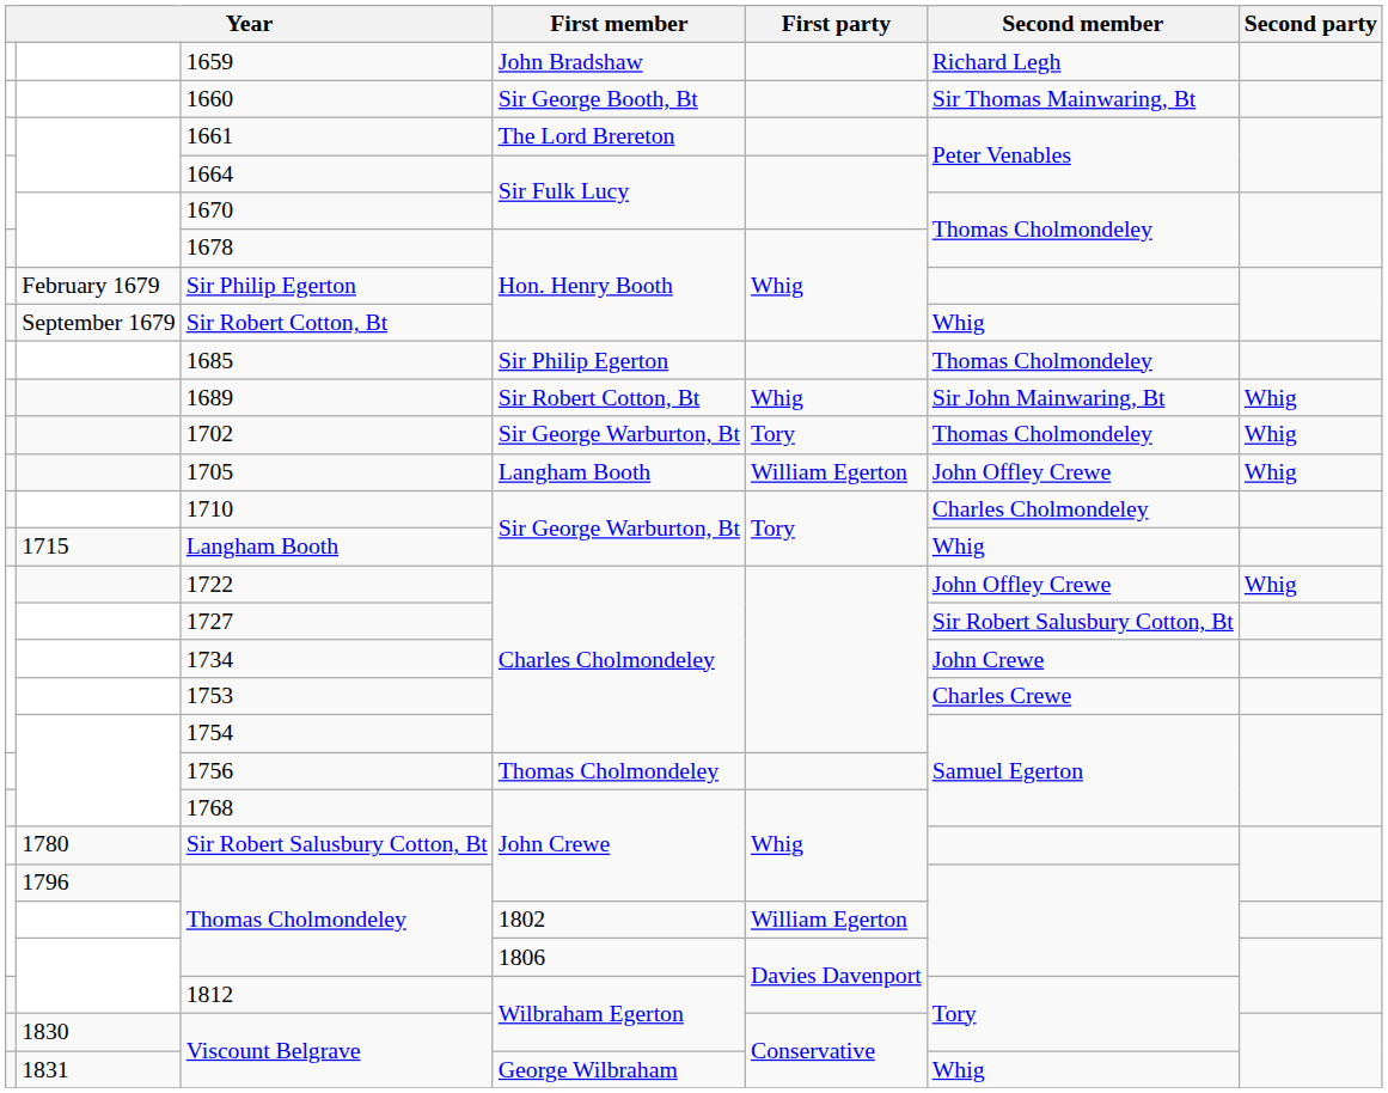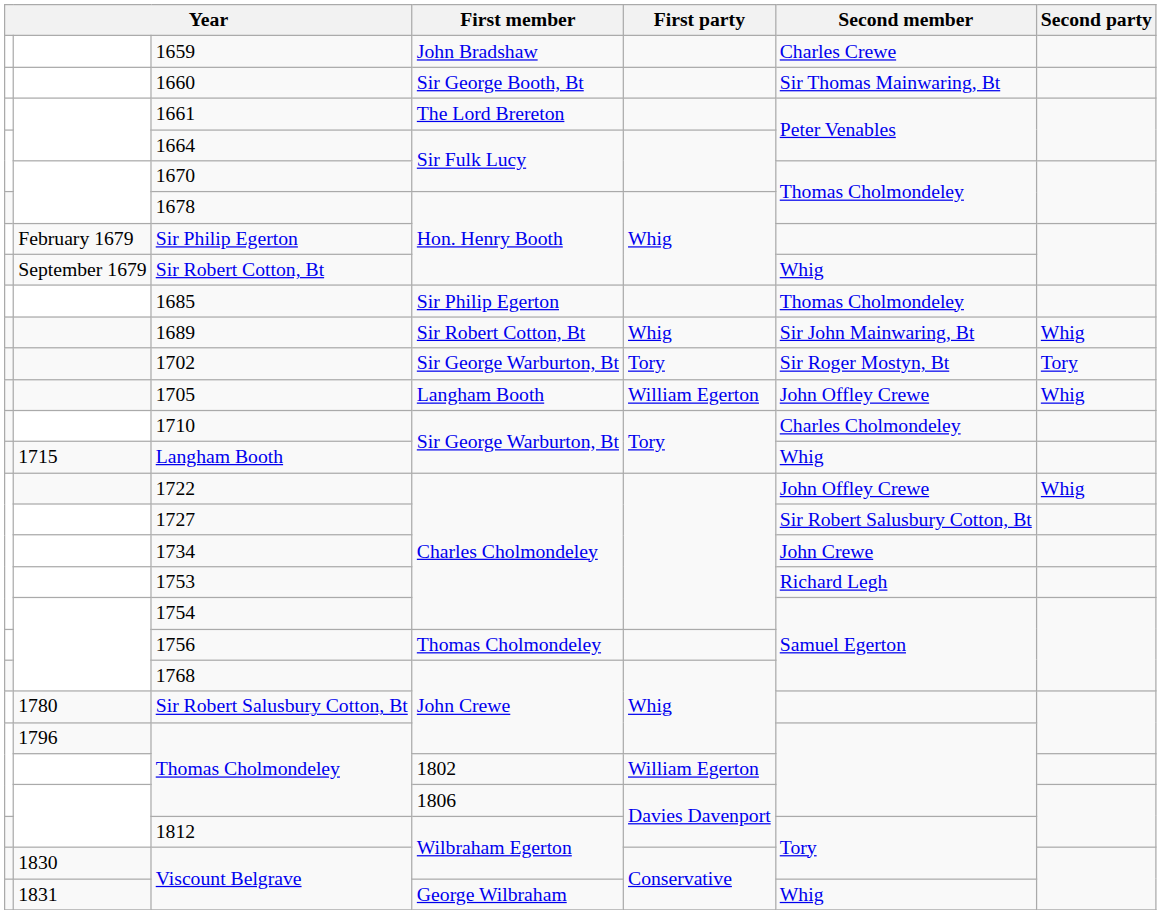 <table class="wikitable">
 <tr>
 <th colspan="3">Year</th>
 <th>First member</th>
 <th>First party</th>
 <th>Second member</th>
 <th>Second party</th>
 </tr>
 <tr>
 <td style="color:inherit;background-color: white"></td>
 <td style="color:inherit;background-color: white"></td>
 <td>1659</td>
 <td><a href='#'>John Bradshaw</a></td>
 <td></td>
-<td><a href='#'>Richard Legh</a></td>
+<td><a href='#'>Charles Crewe</a></td>
 <td></td>
 </tr>
 <tr>
 <td style="color:inherit;background-color: white"></td>
 <td style="color:inherit;background-color: white"></td>
 <td>1660</td>
 <td><a href='#'>Sir George Booth, Bt</a></td>
 <td></td>
 <td><a href='#'>Sir Thomas Mainwaring, Bt</a></td>
 <td></td>
 </tr>
 <tr>
 <td style="color:inherit;background-color: white"></td>
 <td style="color:inherit;background-color: white" rowspan="2"></td>
 <td>1661</td>
 <td><a href='#'>The Lord Brereton</a></td>
 <td></td>
 <td rowspan="2"><a href='#'>Peter Venables</a></td>
 <td rowspan="2"></td>
 </tr>
 <tr>
 <td style="color:inherit;background-color: white" rowspan="2"></td>
 <td>1664</td>
 <td rowspan="2"><a href='#'>Sir Fulk Lucy</a></td>
 <td rowspan="2"></td>
 </tr>
 <tr>
 <td style="color:inherit;background-color: white" rowspan="2"></td>
 <td>1670</td>
 <td rowspan="2"><a href='#'>Thomas Cholmondeley</a></td>
 <td rowspan="2"></td>
 </tr>
 <tr>
 <td style="color:inherit;background-color: "></td>
 <td>1678</td>
 <td rowspan="3"><a href='#'>Hon. Henry Booth</a></td>
 <td rowspan="3"><a href='#'>Whig</a></td>
 </tr>
 <tr>
 <td style="color:inherit;background-color: white"></td>
 <td>February 1679</td>
 <td><a href='#'>Sir Philip Egerton</a></td>
 <td></td>
 </tr>
 <tr>
 <td style="color:inherit;background-color: "></td>
 <td>September 1679</td>
 <td><a href='#'>Sir Robert Cotton, Bt</a></td>
 <td><a href='#'>Whig</a></td>
 </tr>
 <tr>
 <td style="color:inherit;background-color: white"></td>
 <td style="color:inherit;background-color: white"></td>
 <td>1685</td>
 <td><a href='#'>Sir Philip Egerton</a></td>
 <td></td>
 <td><a href='#'>Thomas Cholmondeley</a></td>
 <td></td>
 </tr>
 <tr>
 <td style="color:inherit;background-color: "></td>
 <td style="color:inherit;background-color: "></td>
 <td>1689</td>
 <td><a href='#'>Sir Robert Cotton, Bt</a></td>
 <td><a href='#'>Whig</a></td>
 <td><a href='#'>Sir John Mainwaring, Bt</a></td>
 <td><a href='#'>Whig</a></td>
 </tr>
 <tr>
 <td style="color:inherit;background-color: "></td>
 <td style="color:inherit;background-color: "></td>
 <td>1702</td>
 <td><a href='#'>Sir George Warburton, Bt</a></td>
 <td><a href='#'>Tory</a></td>
-<td><a href='#'>Thomas Cholmondeley</a></td>
-<td><a href='#'>Whig</a></td>
+<td><a href='#'>Sir Roger Mostyn, Bt</a></td>
+<td><a href='#'>Tory</a></td>
 </tr>
 <tr>
 <td style="color:inherit;background-color: "></td>
 <td style="color:inherit;background-color: "></td>
 <td>1705</td>
 <td><a href='#'>Langham Booth</a></td>
 <td><a href='#'>William Egerton</a></td>
 <td><a href='#'>John Offley Crewe</a></td>
 <td><a href='#'>Whig</a></td>
 </tr>
 <tr>
 <td style="color:inherit;background-color: "></td>
 <td style="color:inherit;background-color: white"></td>
 <td>1710</td>
 <td rowspan="2"><a href='#'>Sir George Warburton, Bt</a></td>
 <td rowspan="2"><a href='#'>Tory</a></td>
 <td><a href='#'>Charles Cholmondeley</a></td>
 <td></td>
 </tr>
 <tr>
 <td style="color:inherit;background-color: "></td>
 <td>1715</td>
 <td><a href='#'>Langham Booth</a></td>
 <td><a href='#'>Whig</a></td>
 </tr>
 <tr>
 <td style="color:inherit;background-color: white" rowspan="5"></td>
 <td style="color:inherit;background-color: "></td>
 <td>1722</td>
 <td rowspan="5"><a href='#'>Charles Cholmondeley</a></td>
 <td rowspan="5"></td>
 <td><a href='#'>John Offley Crewe</a></td>
 <td><a href='#'>Whig</a></td>
 </tr>
 <tr>
 <td style="color:inherit;background-color: white"></td>
 <td>1727</td>
 <td><a href='#'>Sir Robert Salusbury Cotton, Bt</a></td>
 <td></td>
 </tr>
 <tr>
 <td style="color:inherit;background-color: white"></td>
 <td>1734</td>
 <td><a href='#'>John Crewe</a></td>
 <td></td>
 </tr>
 <tr>
 <td style="color:inherit;background-color: white"></td>
 <td>1753</td>
-<td><a href='#'>Charles Crewe</a></td>
+<td><a href='#'>Richard Legh</a></td>
 <td></td>
 </tr>
 <tr>
 <td style="color:inherit;background-color: white" rowspan="3"></td>
 <td>1754</td>
 <td rowspan="3"><a href='#'>Samuel Egerton</a></td>
 <td rowspan="3"></td>
 </tr>
 <tr>
 <td style="color:inherit;background-color: white"></td>
 <td>1756</td>
 <td><a href='#'>Thomas Cholmondeley</a></td>
 <td></td>
 </tr>
 <tr>
 <td style="color:inherit;background-color: "></td>
 <td>1768</td>
 <td rowspan="3"><a href='#'>John Crewe</a></td>
 <td rowspan="3"><a href='#'>Whig</a></td>
 </tr>
 <tr>
 <td style="color:inherit;background-color: white"></td>
 <td>1780</td>
 <td><a href='#'>Sir Robert Salusbury Cotton, Bt</a></td>
 <td></td>
 </tr>
 <tr>
 <td style="color:inherit;background-color: white" rowspan="3"></td>
 <td>1796</td>
 <td rowspan="3"><a href='#'>Thomas Cholmondeley</a></td>
 <td rowspan="3"></td>
 </tr>
 <tr>
 <td style="color:inherit;background-color: white"></td>
 <td>1802</td>
 <td><a href='#'>William Egerton</a></td>
 <td></td>
 </tr>
 <tr>
 <td style="color:inherit;background-color: white" rowspan="2"></td>
 <td>1806</td>
 <td rowspan="2"><a href='#'>Davies Davenport</a></td>
 <td rowspan="2"></td>
 </tr>
 <tr>
 <td style="color:inherit;background-color: "></td>
 <td>1812</td>
 <td rowspan="2"><a href='#'>Wilbraham Egerton</a></td>
 <td rowspan="2"><a href='#'>Tory</a></td>
 </tr>
 <tr>
 <td style="color:inherit;background-color: "></td>
 <td>1830</td>
 <td rowspan="2"><a href='#'>Viscount Belgrave</a></td>
 <td rowspan="2"><a href='#'>Conservative</a></td>
 </tr>
 <tr>
 <td style="color:inherit;background-color: "></td>
 <td>1831</td>
 <td><a href='#'>George Wilbraham</a></td>
 <td><a href='#'>Whig</a></td>
 </tr>
 </table>
